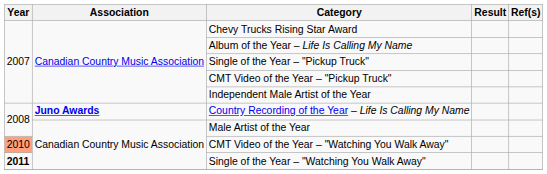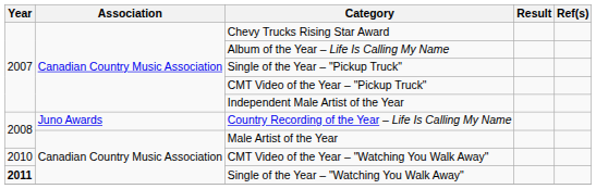 <table class="wikitable">
 <tr>
 <th>Year</th>
 <th>Association</th>
 <th>Category</th>
 <th>Result</th>
 <th>Ref(s)</th>
 </tr>
 <tr>
 <td rowspan="5">2007</td>
 <td rowspan="5"><a href='#'>Canadian Country Music Association</a></td>
 <td>Chevy Trucks Rising Star Award</td>
 <td></td>
 <td></td>
 </tr>
 <tr>
 <td>Album of the Year – <em>Life Is Calling My Name</em></td>
 <td></td>
 <td></td>
 </tr>
 <tr>
 <td>Single of the Year – "Pickup Truck"</td>
 <td></td>
 <td></td>
 </tr>
 <tr>
 <td>CMT Video of the Year – "Pickup Truck"</td>
 <td></td>
 <td></td>
 </tr>
 <tr>
 <td>Independent Male Artist of the Year</td>
 <td></td>
 <td></td>
 </tr>
 <tr>
 <td rowspan="2">2008</td>
-<td><strong><a href='#'>Juno Awards</a></strong></td>
+<td><a href='#'>Juno Awards</a></td>
 <td><a href='#'>Country Recording of the Year</a> – <em>Life Is Calling My Name</em></td>
 <td></td>
 <td></td>
 </tr>
 <tr>
 <td rowspan="3">Canadian Country Music Association</td>
 <td>Male Artist of the Year</td>
 <td></td>
 <td></td>
 </tr>
 <tr>
-<td style="background: lightsalmon;">2010</td>
+<td>2010</td>
 <td>CMT Video of the Year – "Watching You Walk Away"</td>
 <td></td>
 <td></td>
 </tr>
 <tr>
 <td><strong>2011</strong></td>
 <td>Single of the Year – "Watching You Walk Away"</td>
 <td></td>
 <td></td>
 </tr>
 <tr>
 </tr>
 </table>
